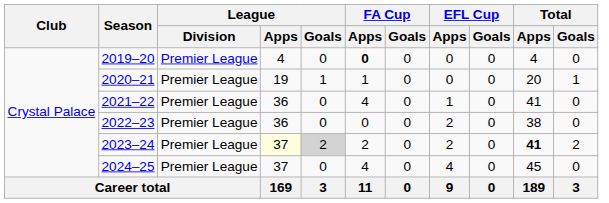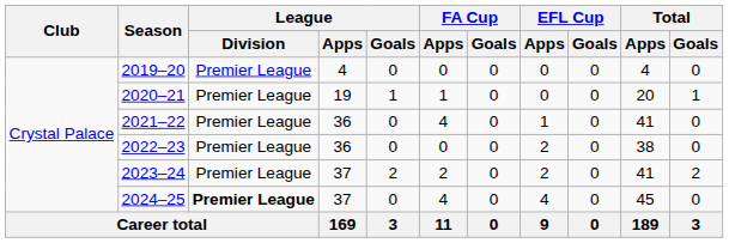 <table class="wikitable" style="text-align: center;">
 <tr>
 <th rowspan="2">Club</th>
 <th rowspan="2">Season</th>
 <th colspan="3">League</th>
 <th colspan="2"><a href='#'>FA Cup</a></th>
 <th colspan="2"><a href='#'>EFL Cup</a></th>
 <th colspan="2">Total</th>
 </tr>
 <tr>
 <th>Division</th>
 <th>Apps</th>
 <th>Goals</th>
 <th>Apps</th>
 <th>Goals</th>
 <th>Apps</th>
 <th>Goals</th>
 <th>Apps</th>
 <th>Goals</th>
 </tr>
 <tr>
 <td rowspan="6"><a href='#'>Crystal Palace</a></td>
 <td><a href='#'>2019–20</a></td>
 <td><a href='#'>Premier League</a></td>
 <td>4</td>
 <td>0</td>
-<td><strong>0</strong></td>
+<td>0</td>
 <td>0</td>
 <td>0</td>
 <td>0</td>
 <td>4</td>
 <td>0</td>
 </tr>
 <tr>
 <td><a href='#'>2020–21</a></td>
 <td>Premier League</td>
 <td>19</td>
 <td>1</td>
 <td>1</td>
 <td>0</td>
 <td>0</td>
 <td>0</td>
 <td>20</td>
 <td>1</td>
 </tr>
 <tr>
 <td><a href='#'>2021–22</a></td>
 <td>Premier League</td>
 <td>36</td>
 <td>0</td>
 <td>4</td>
 <td>0</td>
 <td>1</td>
 <td>0</td>
 <td>41</td>
 <td>0</td>
 </tr>
 <tr>
 <td><a href='#'>2022–23</a></td>
 <td>Premier League</td>
 <td>36</td>
 <td>0</td>
 <td>0</td>
 <td>0</td>
 <td>2</td>
 <td>0</td>
 <td>38</td>
 <td>0</td>
 </tr>
 <tr>
 <td><a href='#'>2023–24</a></td>
 <td>Premier League</td>
-<td style="background: lightyellow;">37</td>
-<td style="background: lightgrey;">2</td>
+<td>37</td>
+<td>2</td>
 <td>2</td>
 <td>0</td>
 <td>2</td>
 <td>0</td>
-<td><strong>41</strong></td>
+<td>41</td>
 <td>2</td>
 </tr>
 <tr>
 <td><a href='#'>2024–25</a></td>
-<td>Premier League</td>
+<td><strong>Premier League</strong></td>
 <td>37</td>
 <td>0</td>
 <td>4</td>
 <td>0</td>
 <td>4</td>
 <td>0</td>
 <td>45</td>
 <td>0</td>
 </tr>
 <tr>
 <th colspan="3">Career total</th>
 <th>169</th>
 <th>3</th>
 <th>11</th>
 <th>0</th>
 <th>9</th>
 <th>0</th>
 <th>189</th>
 <th>3</th>
 </tr>
 </table>
